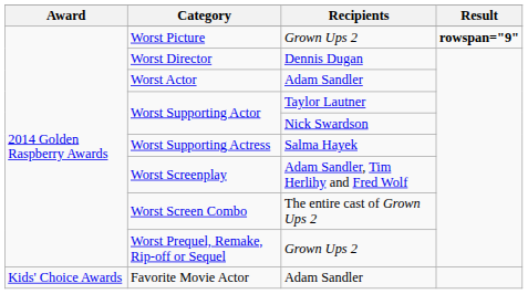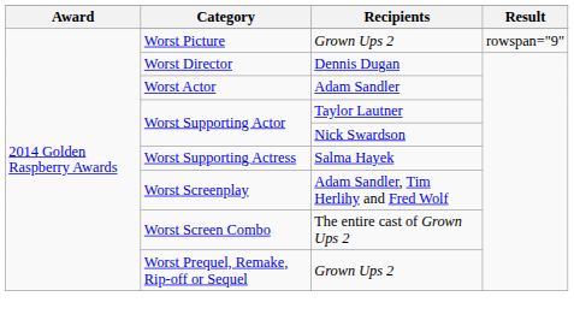 <table class="wikitable sortable plainrowheaders">
 <tr>
 </tr>
 <tr>
 <th>Award</th>
 <th>Category</th>
 <th>Recipients</th>
 <th>Result</th>
 </tr>
 <tr>
 <td rowspan="10"><a href='#'>2014 Golden Raspberry Awards</a></td>
 </tr>
 <tr>
 <td><a href='#'>Worst Picture</a></td>
 <td><em>Grown Ups 2 </em></td>
-<td><strong>rowspan="9" </strong></td>
+<td>rowspan="9" </td>
 </tr>
 <tr>
 <td><a href='#'>Worst Director</a></td>
 <td><a href='#'>Dennis Dugan</a></td>
 </tr>
 <tr>
 <td><a href='#'>Worst Actor</a></td>
 <td><a href='#'>Adam Sandler</a></td>
 </tr>
 <tr>
 <td rowspan=2><a href='#'>Worst Supporting Actor</a></td>
 <td><a href='#'>Taylor Lautner</a></td>
 </tr>
 <tr>
 <td><a href='#'>Nick Swardson</a></td>
 </tr>
 <tr>
 <td><a href='#'>Worst Supporting Actress</a></td>
 <td><a href='#'>Salma Hayek</a></td>
 </tr>
 <tr>
 <td><a href='#'>Worst Screenplay</a></td>
 <td><a href='#'>Adam Sandler</a>, <a href='#'>Tim Herlihy</a> and <a href='#'>Fred Wolf</a></td>
 </tr>
 <tr>
 <td><a href='#'>Worst Screen Combo</a></td>
 <td>The entire cast of <em>Grown Ups 2</em></td>
 </tr>
 <tr>
 <td><a href='#'>Worst Prequel, Remake, Rip-off or Sequel</a></td>
 <td><em>Grown Ups 2</em></td>
 </tr>
-<tr>
-<td><a href='#'>Kids' Choice Awards</a></td>
-<td>Favorite Movie Actor</td>
-<td>Adam Sandler</td>
-<td></td>
-</tr>
 </table>
